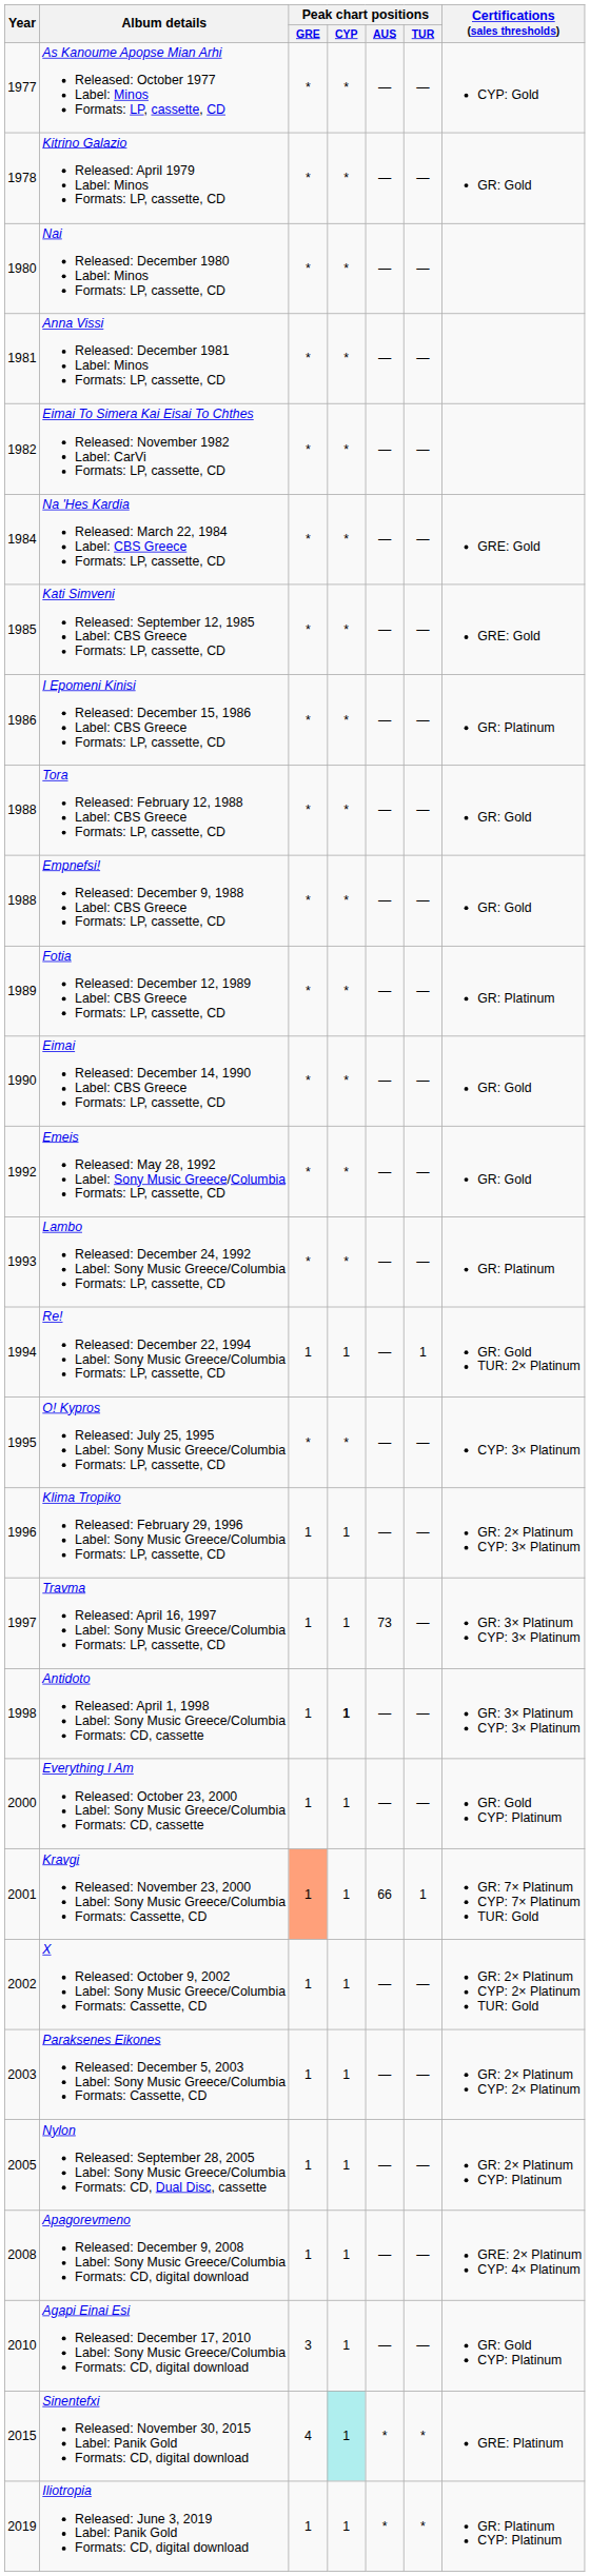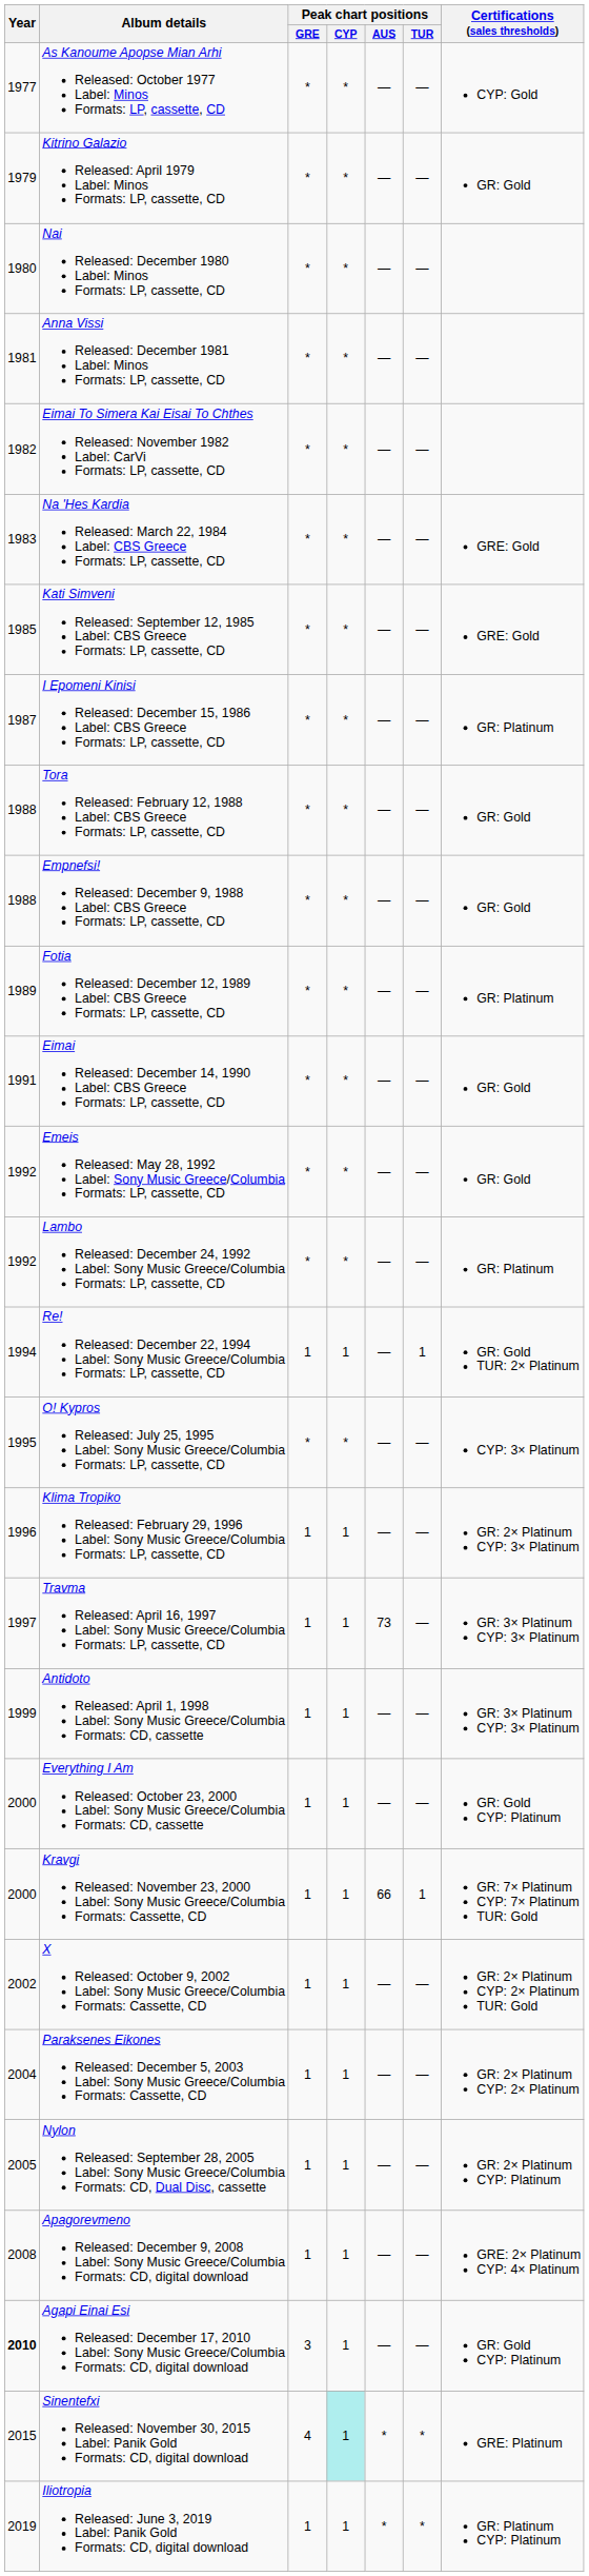 <table class="wikitable" style="text-align:center;">
 <tr>
 <th rowspan="2">Year</th>
 <th rowspan="2" style="width:300px;">Album details</th>
 <th colspan="4">Peak chart positions</th>
 <th rowspan="2"><a href='#'>Certifications</a><br><small>(<a href='#'>sales thresholds</a>)</small></th>
 </tr>
 <tr>
 <th style="width:3em;font-size:85%"><a href='#'>GRE</a></th>
 <th style="width:3em;font-size:85%"><a href='#'>CYP</a></th>
 <th style="width:3em;font-size:85%"><a href='#'>AUS</a><br></th>
 <th style="width:3em;font-size:85%"><a href='#'>TUR</a></th>
 </tr>
 <tr>
 <td>1977</td>
 <td align="left"><em><a href='#'>As Kanoume Apopse Mian Arhi</a></em><br><ul><li>Released: October 1977</li><li>Label: <a href='#'>Minos</a></li><li>Formats: <a href='#'>LP</a>, <a href='#'>cassette</a>, <a href='#'>CD</a></li></ul></td>
 <td>*</td>
 <td>*</td>
 <td>—</td>
 <td>—</td>
 <td align="left"><br><ul><li>CYP: Gold</li></ul></td>
 </tr>
 <tr>
-<td>1978</td>
+<td>1979</td>
 <td align="left"><em><a href='#'>Kitrino Galazio</a></em><br><ul><li>Released: April 1979</li><li>Label: Minos</li><li>Formats: LP, cassette, CD</li></ul></td>
 <td>*</td>
 <td>*</td>
 <td>—</td>
 <td>—</td>
 <td align="left"><br><ul><li>GR: Gold</li></ul></td>
 </tr>
 <tr>
 <td>1980</td>
 <td align="left"><em><a href='#'>Nai</a></em><br><ul><li>Released: December 1980</li><li>Label: Minos</li><li>Formats: LP, cassette, CD</li></ul></td>
 <td>*</td>
 <td>*</td>
 <td>—</td>
 <td>—</td>
 <td></td>
 </tr>
 <tr>
 <td>1981</td>
 <td align="left"><em><a href='#'>Anna Vissi</a></em><br><ul><li>Released: December 1981</li><li>Label: Minos</li><li>Formats: LP, cassette, CD</li></ul></td>
 <td>*</td>
 <td>*</td>
 <td>—</td>
 <td>—</td>
 <td></td>
 </tr>
 <tr>
 <td>1982</td>
 <td align="left"><em><a href='#'>Eimai To Simera Kai Eisai To Chthes</a></em><br><ul><li>Released: November 1982</li><li>Label: CarVi</li><li>Formats: LP, cassette, CD</li></ul></td>
 <td>*</td>
 <td>*</td>
 <td>—</td>
 <td>—</td>
 <td></td>
 </tr>
 <tr>
-<td>1984</td>
+<td>1983</td>
 <td align="left"><em><a href='#'>Na 'Hes Kardia</a></em><br><ul><li>Released: March 22, 1984</li><li>Label: <a href='#'>CBS Greece</a></li><li>Formats: LP, cassette, CD</li></ul></td>
 <td>*</td>
 <td>*</td>
 <td>—</td>
 <td>—</td>
 <td align="left"><br><ul><li>GRE: Gold</li></ul></td>
 </tr>
 <tr>
 <td>1985</td>
 <td align="left"><em><a href='#'>Kati Simveni</a></em><br><ul><li>Released: September 12, 1985</li><li>Label: CBS Greece</li><li>Formats: LP, cassette, CD</li></ul></td>
 <td>*</td>
 <td>*</td>
 <td>—</td>
 <td>—</td>
 <td align="left"><br><ul><li>GRE: Gold</li></ul></td>
 </tr>
 <tr>
-<td>1986</td>
+<td>1987</td>
 <td align="left"><em><a href='#'>I Epomeni Kinisi</a></em><br><ul><li>Released: December 15, 1986</li><li>Label: CBS Greece</li><li>Formats: LP, cassette, CD</li></ul></td>
 <td>*</td>
 <td>*</td>
 <td>—</td>
 <td>—</td>
 <td align="left"><br><ul><li>GR: Platinum</li></ul></td>
 </tr>
 <tr>
 <td>1988</td>
 <td align="left"><em><a href='#'>Tora</a></em><br><ul><li>Released: February 12, 1988</li><li>Label: CBS Greece</li><li>Formats: LP, cassette, CD</li></ul></td>
 <td>*</td>
 <td>*</td>
 <td>—</td>
 <td>—</td>
 <td align="left"><br><ul><li>GR: Gold</li></ul></td>
 </tr>
 <tr>
 <td>1988</td>
 <td align="left"><em><a href='#'>Empnefsi!</a></em><br><ul><li>Released: December 9, 1988</li><li>Label: CBS Greece</li><li>Formats: LP, cassette, CD</li></ul></td>
 <td>*</td>
 <td>*</td>
 <td>—</td>
 <td>—</td>
 <td align="left"><br><ul><li>GR: Gold</li></ul></td>
 </tr>
 <tr>
 <td>1989</td>
 <td align="left"><em><a href='#'>Fotia</a></em><br><ul><li>Released: December 12, 1989</li><li>Label: CBS Greece</li><li>Formats: LP, cassette, CD</li></ul></td>
 <td>*</td>
 <td>*</td>
 <td>—</td>
 <td>—</td>
 <td align="left"><br><ul><li>GR: Platinum</li></ul></td>
 </tr>
 <tr>
-<td>1990</td>
+<td>1991</td>
 <td align="left"><em><a href='#'>Eimai</a></em><br><ul><li>Released: December 14, 1990</li><li>Label: CBS Greece</li><li>Formats: LP, cassette, CD</li></ul></td>
 <td>*</td>
 <td>*</td>
 <td>—</td>
 <td>—</td>
 <td align="left"><br><ul><li>GR: Gold</li></ul></td>
 </tr>
 <tr>
 <td>1992</td>
 <td align="left"><em><a href='#'>Emeis</a></em><br><ul><li>Released: May 28, 1992</li><li>Label: <a href='#'>Sony Music Greece</a>/<a href='#'>Columbia</a></li><li>Formats: LP, cassette, CD</li></ul></td>
 <td>*</td>
 <td>*</td>
 <td>—</td>
 <td>—</td>
 <td align="left"><br><ul><li>GR: Gold</li></ul></td>
 </tr>
 <tr>
-<td>1993</td>
+<td>1992</td>
 <td align="left"><em><a href='#'>Lambo</a></em><br><ul><li>Released: December 24, 1992</li><li>Label: Sony Music Greece/Columbia</li><li>Formats: LP, cassette, CD</li></ul></td>
 <td>*</td>
 <td>*</td>
 <td>—</td>
 <td>—</td>
 <td align="left"><br><ul><li>GR: Platinum</li></ul></td>
 </tr>
 <tr>
 <td>1994</td>
 <td align="left"><em><a href='#'>Re!</a></em><br><ul><li>Released: December 22, 1994</li><li>Label: Sony Music Greece/Columbia</li><li>Formats: LP, cassette, CD</li></ul></td>
 <td>1</td>
 <td>1</td>
 <td>—</td>
 <td>1</td>
 <td align="left"><br><ul><li>GR: Gold</li><li>TUR: 2× Platinum</li></ul></td>
 </tr>
 <tr>
 <td>1995</td>
 <td align="left"><em><a href='#'>O! Kypros</a></em><br><ul><li>Released: July 25, 1995</li><li>Label: Sony Music Greece/Columbia</li><li>Formats: LP, cassette, CD</li></ul></td>
 <td>*</td>
 <td>*</td>
 <td>—</td>
 <td>—</td>
 <td align="left"><br><ul><li>CYP: 3× Platinum</li></ul></td>
 </tr>
 <tr>
 <td>1996</td>
 <td align="left"><em><a href='#'>Klima Tropiko</a></em><br><ul><li>Released: February 29, 1996</li><li>Label: Sony Music Greece/Columbia</li><li>Formats: LP, cassette, CD</li></ul></td>
 <td>1</td>
 <td>1</td>
 <td>—</td>
 <td>—</td>
 <td align="left"><br><ul><li>GR: 2× Platinum</li><li>CYP: 3× Platinum</li></ul></td>
 </tr>
 <tr>
 <td>1997</td>
 <td align="left"><em><a href='#'>Travma</a></em><br><ul><li>Released: April 16, 1997</li><li>Label: Sony Music Greece/Columbia</li><li>Formats: LP, cassette, CD</li></ul></td>
 <td>1</td>
 <td>1</td>
 <td>73</td>
 <td>—</td>
 <td align="left"><br><ul><li>GR: 3× Platinum</li><li>CYP: 3× Platinum</li></ul></td>
 </tr>
 <tr>
-<td>1998</td>
+<td>1999</td>
 <td align="left"><em><a href='#'>Antidoto</a></em><br><ul><li>Released: April 1, 1998</li><li>Label: Sony Music Greece/Columbia</li><li>Formats: CD, cassette</li></ul></td>
 <td>1</td>
-<td><strong>1</strong></td>
+<td>1</td>
 <td>—</td>
 <td>—</td>
 <td align="left"><br><ul><li>GR: 3× Platinum</li><li>CYP: 3× Platinum</li></ul></td>
 </tr>
 <tr>
 <td>2000</td>
 <td align="left"><em><a href='#'>Everything I Am</a></em><br><ul><li>Released: October 23, 2000</li><li>Label: Sony Music Greece/Columbia</li><li>Formats: CD, cassette</li></ul></td>
 <td>1</td>
 <td>1</td>
 <td>—</td>
 <td>—</td>
 <td align="left"><br><ul><li>GR: Gold</li><li>CYP: Platinum</li></ul></td>
 </tr>
 <tr>
-<td>2001</td>
+<td>2000</td>
 <td align="left"><em><a href='#'>Kravgi</a></em><br><ul><li>Released: November 23, 2000</li><li>Label: Sony Music Greece/Columbia</li><li>Formats: Cassette, CD</li></ul></td>
-<td style="background: lightsalmon;">1</td>
+<td>1</td>
 <td>1</td>
 <td>66</td>
 <td>1</td>
 <td align="left"><br><ul><li>GR: 7× Platinum</li><li>CYP: 7× Platinum</li><li>TUR: Gold</li></ul></td>
 </tr>
 <tr>
 <td>2002</td>
 <td align="left"><em><a href='#'>X</a></em><br><ul><li>Released: October 9, 2002</li><li>Label: Sony Music Greece/Columbia</li><li>Formats: Cassette, CD</li></ul></td>
 <td>1</td>
 <td>1</td>
 <td>—</td>
 <td>—</td>
 <td align="left"><br><ul><li>GR: 2× Platinum</li><li>CYP: 2× Platinum</li><li>TUR: Gold</li></ul></td>
 </tr>
 <tr>
-<td>2003</td>
+<td>2004</td>
 <td align="left"><em><a href='#'>Paraksenes Eikones</a></em><br><ul><li>Released: December 5, 2003</li><li>Label: Sony Music Greece/Columbia</li><li>Formats: Cassette, CD</li></ul></td>
 <td>1</td>
 <td>1</td>
 <td>—</td>
 <td>—</td>
 <td align="left"><br><ul><li>GR: 2× Platinum</li><li>CYP: 2× Platinum</li></ul></td>
 </tr>
 <tr>
 <td>2005</td>
 <td align="left"><em><a href='#'>Nylon</a></em><br><ul><li>Released: September 28, 2005</li><li>Label: Sony Music Greece/Columbia</li><li>Formats: CD, <a href='#'>Dual Disc</a>, cassette</li></ul></td>
 <td>1</td>
 <td>1</td>
 <td>—</td>
 <td>—</td>
 <td align="left"><br><ul><li>GR: 2× Platinum</li><li>CYP: Platinum</li></ul></td>
 </tr>
 <tr>
 <td>2008</td>
 <td align="left"><em><a href='#'>Apagorevmeno</a></em><br><ul><li>Released: December 9, 2008</li><li>Label: Sony Music Greece/Columbia</li><li>Formats: CD, digital download</li></ul></td>
 <td>1</td>
 <td>1</td>
 <td>—</td>
 <td>—</td>
 <td align="left"><br><ul><li>GRE: 2× Platinum</li><li>CYP: 4× Platinum</li></ul></td>
 </tr>
 <tr>
-<td>2010</td>
+<td><strong>2010</strong></td>
 <td align="left"><em><a href='#'>Agapi Einai Esi</a></em><br><ul><li>Released: December 17, 2010</li><li>Label: Sony Music Greece/Columbia</li><li>Formats: CD, digital download</li></ul></td>
 <td>3</td>
 <td>1</td>
 <td>—</td>
 <td>—</td>
 <td align="left"><br><ul><li>GR: Gold</li><li>CYP: Platinum</li></ul></td>
 </tr>
 <tr>
 <td>2015</td>
 <td align="left"><em><a href='#'>Sinentefxi</a></em><br><ul><li>Released: November 30, 2015</li><li>Label: Panik Gold</li><li>Formats: CD, digital download</li></ul></td>
 <td>4</td>
 <td style="background: paleturquoise;">1</td>
 <td>*</td>
 <td>*</td>
 <td align="left"><br><ul><li>GRE: Platinum</li></ul></td>
 </tr>
 <tr>
 <td>2019</td>
 <td align="left"><em><a href='#'>Iliotropia</a></em><br><ul><li>Released: June 3, 2019</li><li>Label: Panik Gold</li><li>Formats: CD, digital download</li></ul></td>
 <td>1</td>
 <td>1</td>
 <td>*</td>
 <td>*</td>
 <td align="left"><br><ul><li>GR: Platinum</li><li>CYP: Platinum</li></ul></td>
 </tr>
 </table>
